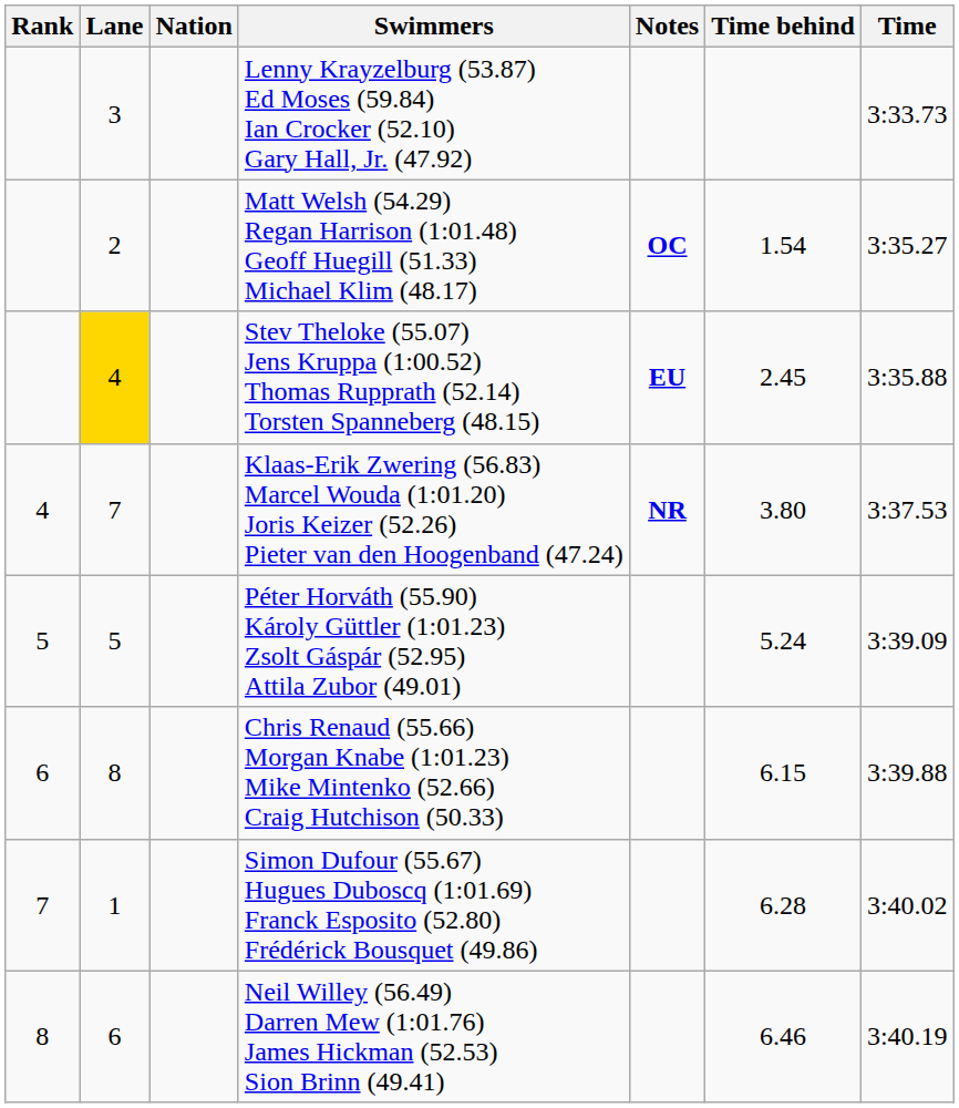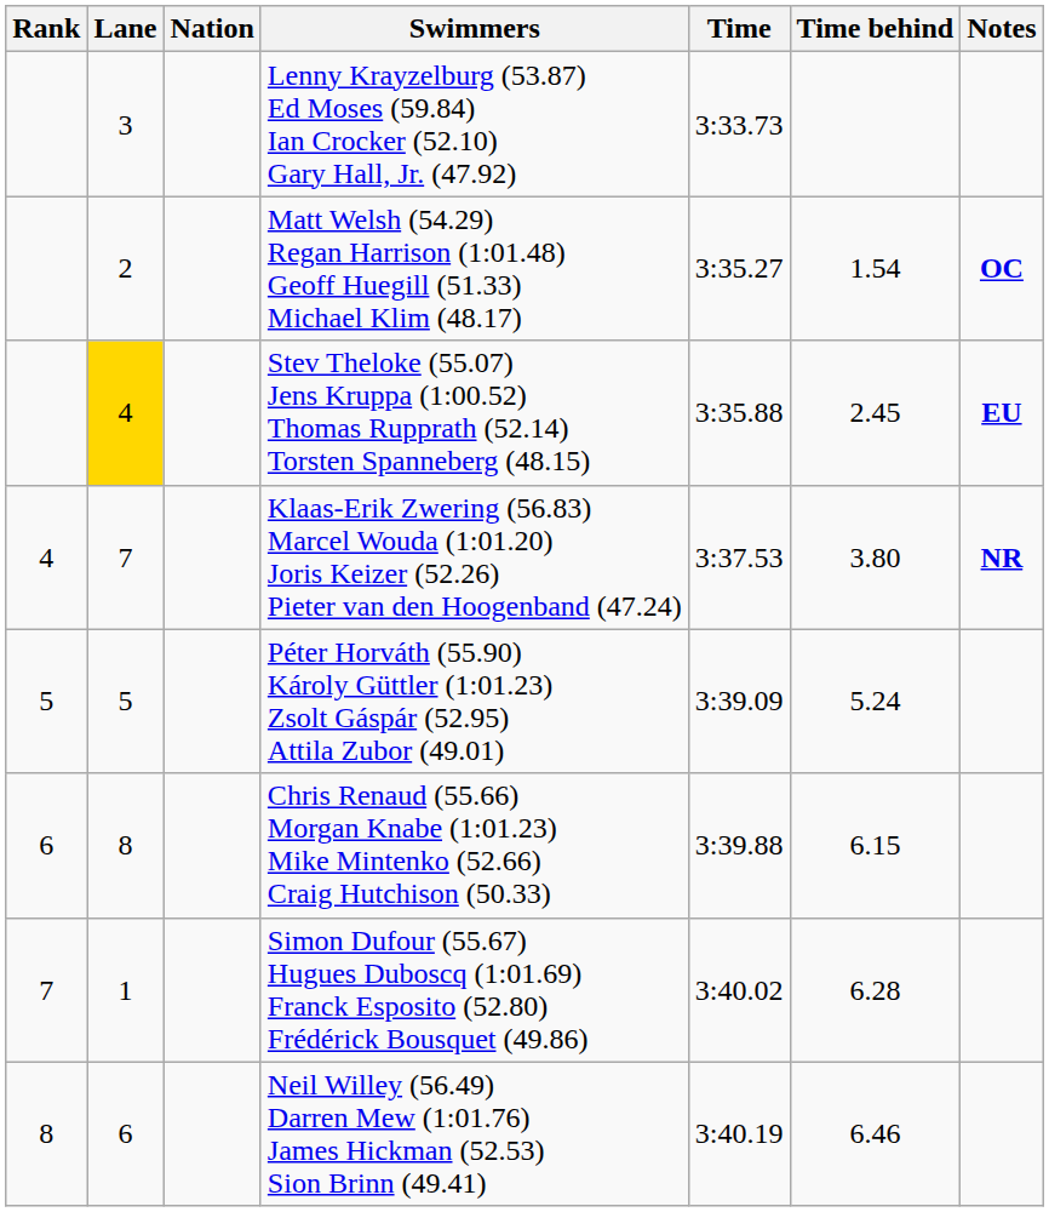 <table class="wikitable sortable" style="text-align:center">
 <tr>
 <th>Rank</th>
 <th>Lane</th>
 <th>Nation</th>
 <th>Swimmers</th>
+<th>Time</th>
+<th>Time behind</th>
 <th>Notes</th>
-<th>Time behind</th>
-<th>Time</th>
 </tr>
 <tr>
 <td></td>
 <td>3</td>
 <td align=left></td>
 <td align=left><a href='#'>Lenny Krayzelburg</a> (53.87)<br><a href='#'>Ed Moses</a> (59.84)<br><a href='#'>Ian Crocker</a> (52.10)<br><a href='#'>Gary Hall, Jr.</a> (47.92)</td>
+<td>3:33.73</td>
 <td></td>
 <td></td>
-<td>3:33.73</td>
 </tr>
 <tr>
 <td></td>
 <td>2</td>
 <td align=left></td>
 <td align=left><a href='#'>Matt Welsh</a> (54.29)<br><a href='#'>Regan Harrison</a> (1:01.48)<br><a href='#'>Geoff Huegill</a> (51.33)<br><a href='#'>Michael Klim</a> (48.17)</td>
+<td>3:35.27</td>
+<td>1.54</td>
 <td><strong><a href='#'>OC</a></strong></td>
-<td>1.54</td>
-<td>3:35.27</td>
 </tr>
 <tr>
 <td></td>
 <td style="background: gold;">4</td>
 <td align=left></td>
 <td align=left><a href='#'>Stev Theloke</a> (55.07)<br><a href='#'>Jens Kruppa</a> (1:00.52) <br><a href='#'>Thomas Rupprath</a> (52.14)<br><a href='#'>Torsten Spanneberg</a> (48.15)</td>
+<td>3:35.88</td>
+<td>2.45</td>
 <td><strong><a href='#'>EU</a></strong></td>
-<td>2.45</td>
-<td>3:35.88</td>
 </tr>
 <tr>
 <td>4</td>
 <td>7</td>
 <td align=left></td>
 <td align=left><a href='#'>Klaas-Erik Zwering</a> (56.83)<br><a href='#'>Marcel Wouda</a> (1:01.20)<br><a href='#'>Joris Keizer</a> (52.26)<br><a href='#'>Pieter van den Hoogenband</a> (47.24)</td>
+<td>3:37.53</td>
+<td>3.80</td>
 <td><strong><a href='#'>NR</a></strong></td>
-<td>3.80</td>
-<td>3:37.53</td>
 </tr>
 <tr>
 <td>5</td>
 <td>5</td>
 <td align=left></td>
 <td align=left><a href='#'>Péter Horváth</a> (55.90)<br><a href='#'>Károly Güttler</a> (1:01.23)<br><a href='#'>Zsolt Gáspár</a> (52.95)<br><a href='#'>Attila Zubor</a> (49.01)</td>
+<td>3:39.09</td>
+<td>5.24</td>
 <td></td>
-<td>5.24</td>
-<td>3:39.09</td>
 </tr>
 <tr>
 <td>6</td>
 <td>8</td>
 <td align=left></td>
 <td align=left><a href='#'>Chris Renaud</a> (55.66)<br><a href='#'>Morgan Knabe</a> (1:01.23)<br><a href='#'>Mike Mintenko</a> (52.66)<br><a href='#'>Craig Hutchison</a> (50.33)</td>
+<td>3:39.88</td>
+<td>6.15</td>
 <td></td>
-<td>6.15</td>
-<td>3:39.88</td>
 </tr>
 <tr>
 <td>7</td>
 <td>1</td>
 <td align=left></td>
 <td align=left><a href='#'>Simon Dufour</a> (55.67)<br><a href='#'>Hugues Duboscq</a> (1:01.69)<br><a href='#'>Franck Esposito</a> (52.80)<br><a href='#'>Frédérick Bousquet</a> (49.86)</td>
+<td>3:40.02</td>
+<td>6.28</td>
 <td></td>
-<td>6.28</td>
-<td>3:40.02</td>
 </tr>
 <tr>
 <td>8</td>
 <td>6</td>
 <td align=left></td>
 <td align=left><a href='#'>Neil Willey</a> (56.49)<br><a href='#'>Darren Mew</a> (1:01.76)<br><a href='#'>James Hickman</a> (52.53)<br><a href='#'>Sion Brinn</a> (49.41)</td>
+<td>3:40.19</td>
+<td>6.46</td>
 <td></td>
-<td>6.46</td>
-<td>3:40.19</td>
 </tr>
 </table>
